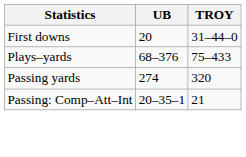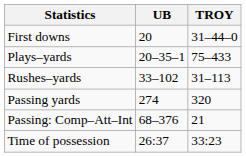 <table class="wikitable">
 <tr>
 <th>Statistics</th>
 <th>UB</th>
 <th>TROY</th>
 </tr>
 <tr>
 <td>First downs</td>
 <td>20</td>
 <td>31–44–0</td>
 </tr>
 <tr>
 <td>Plays–yards</td>
-<td>68–376</td>
+<td>20–35–1</td>
 <td>75–433</td>
+</tr>
+<tr>
+<td>Rushes–yards</td>
+<td>33–102</td>
+<td>31–113</td>
 </tr>
 <tr>
 <td>Passing yards</td>
 <td>274</td>
 <td>320</td>
 </tr>
 <tr>
 <td>Passing: Comp–Att–Int</td>
-<td>20–35–1</td>
+<td>68–376</td>
 <td>21</td>
 </tr>
+<tr>
+<td>Time of possession</td>
+<td>26:37</td>
+<td>33:23</td>
+</tr>
 </table>
